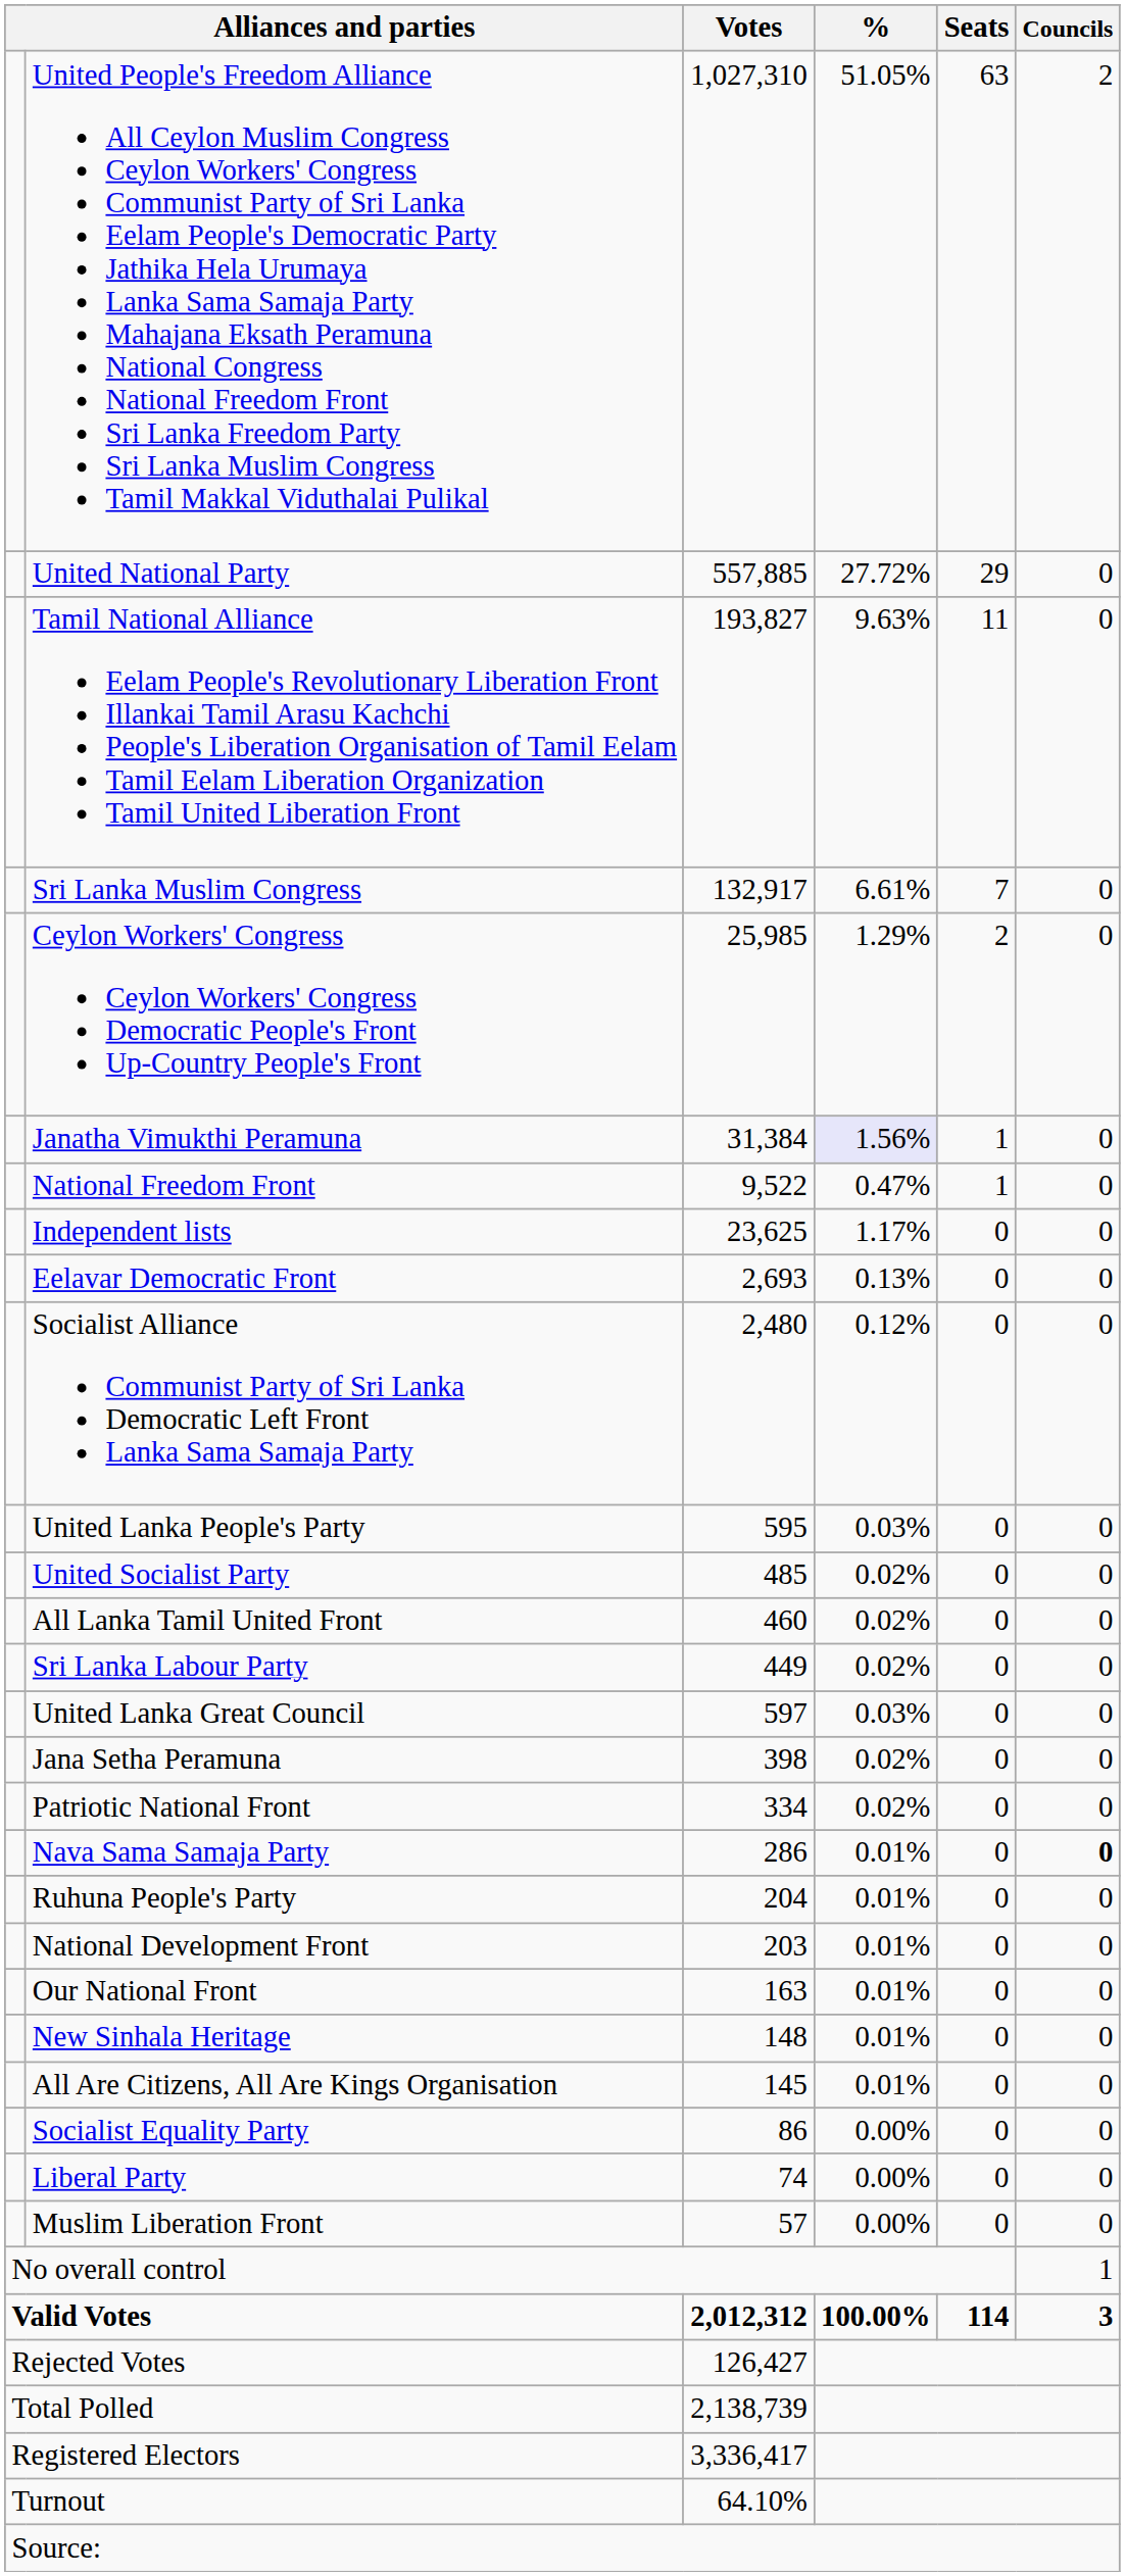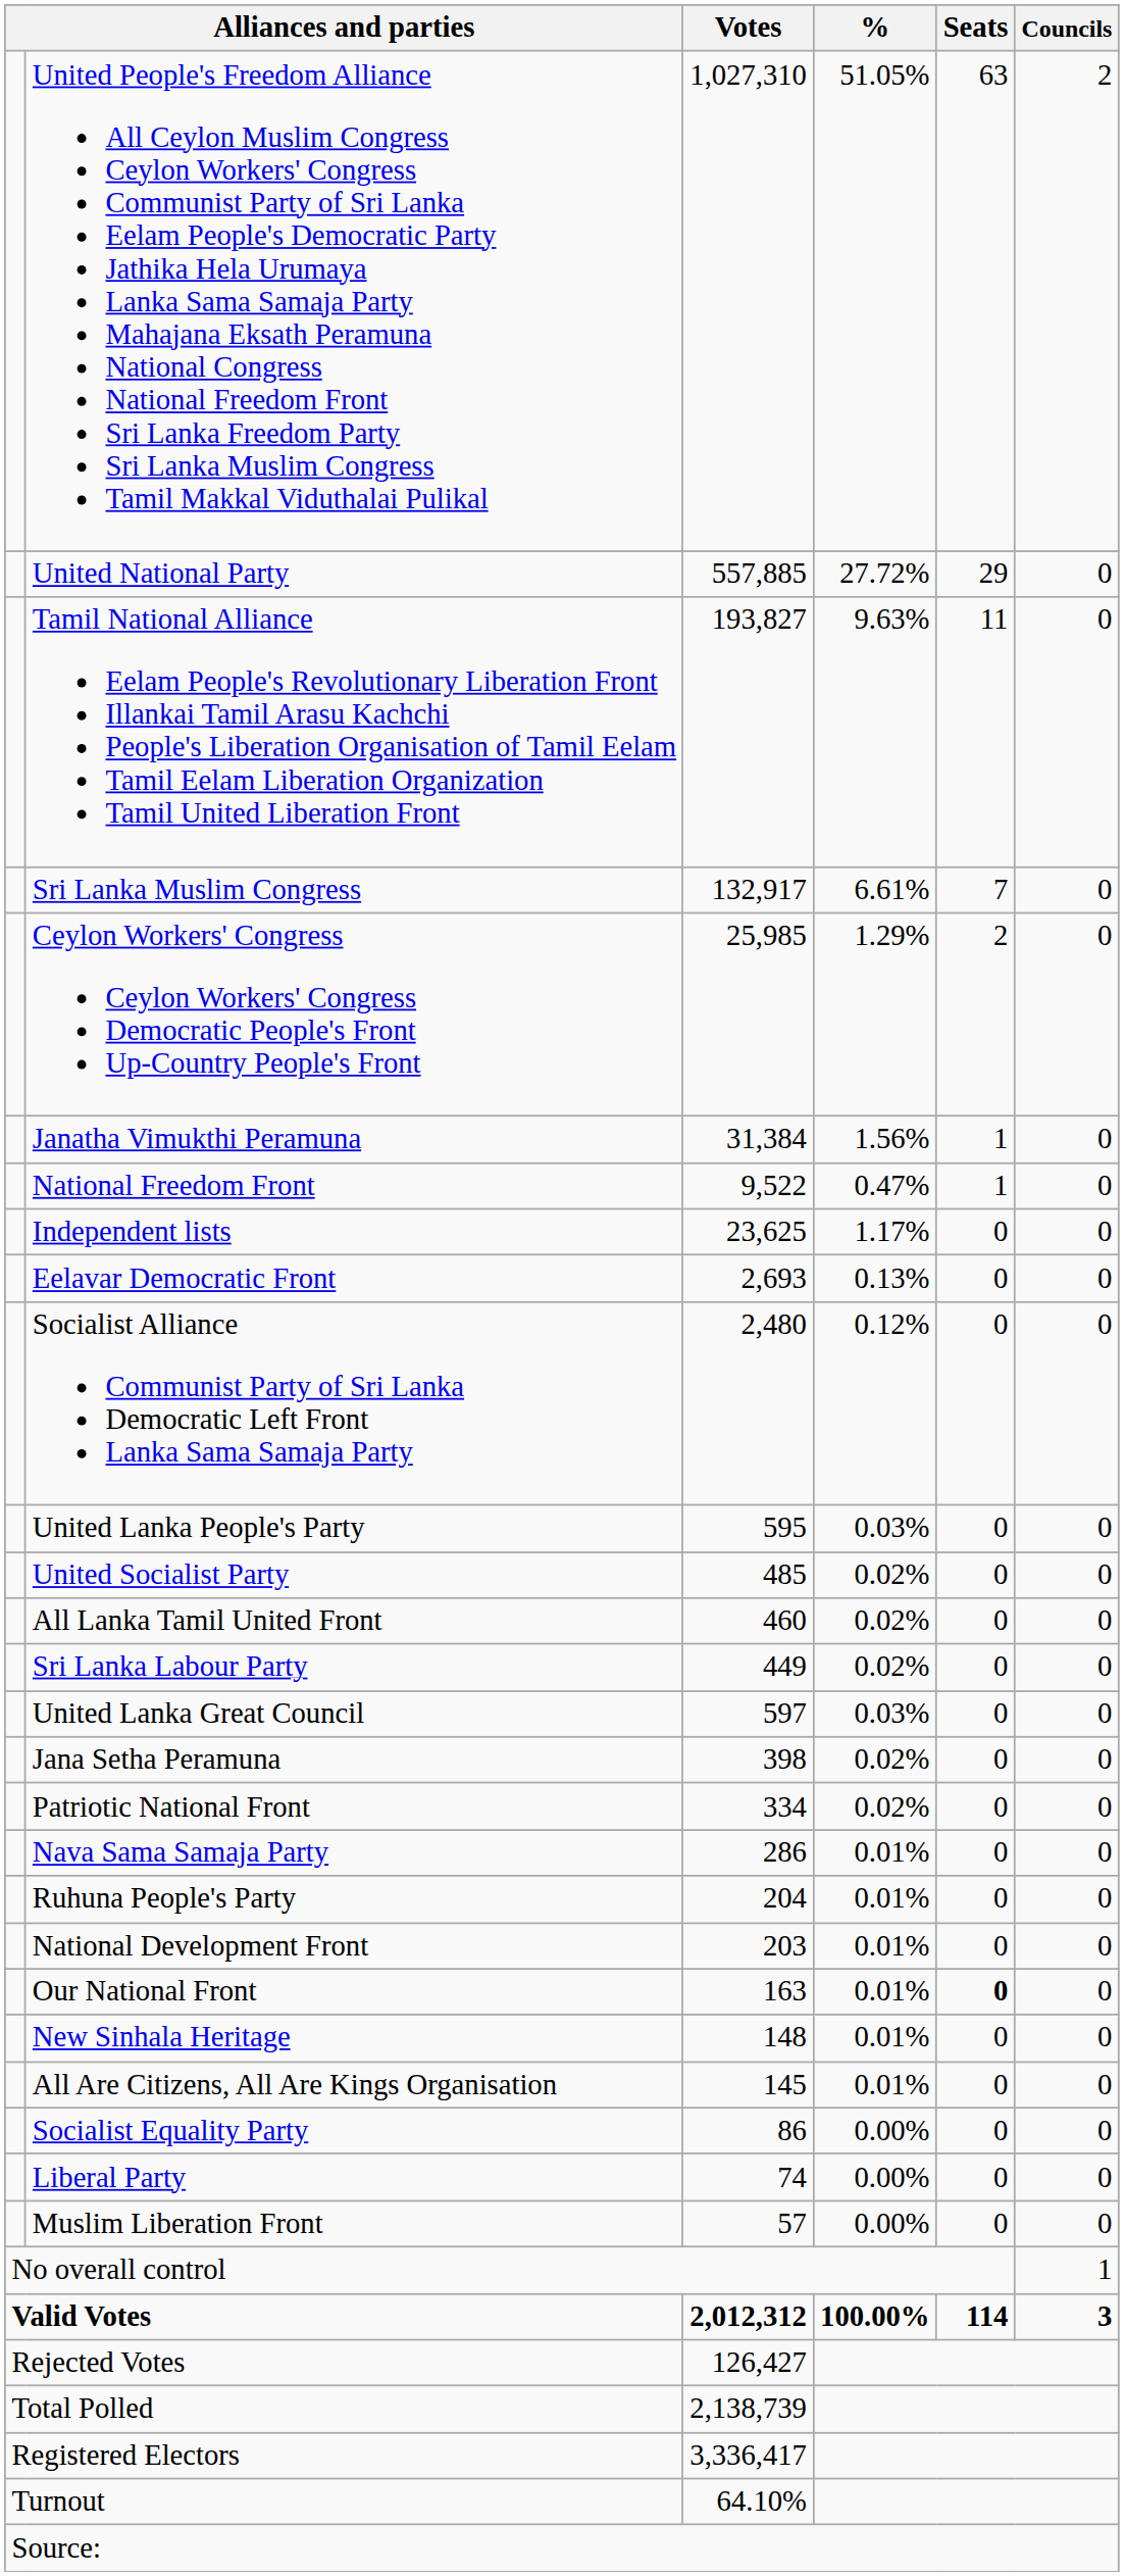 <table class="wikitable" border="1" style="text-align:right;">
 <tr>
 <th colspan=2>Alliances and parties</th>
 <th width="60">Votes</th>
 <th width="50">%</th>
 <th>Seats</th>
 <th><small>Councils</small></th>
 </tr>
 <tr valign=top>
 <td bgcolor=> </td>
 <td align=left><a href='#'>United People's Freedom Alliance</a><br><ul><li><a href='#'>All Ceylon Muslim Congress</a></li><li><a href='#'>Ceylon Workers' Congress</a></li><li><a href='#'>Communist Party of Sri Lanka</a></li><li><a href='#'>Eelam People's Democratic Party</a></li><li><a href='#'>Jathika Hela Urumaya</a></li><li><a href='#'>Lanka Sama Samaja Party</a></li><li><a href='#'>Mahajana Eksath Peramuna</a></li><li><a href='#'>National Congress</a></li><li><a href='#'>National Freedom Front</a></li><li><a href='#'>Sri Lanka Freedom Party</a></li><li><a href='#'>Sri Lanka Muslim Congress</a></li><li><a href='#'>Tamil Makkal Viduthalai Pulikal</a></li></ul></td>
 <td>1,027,310</td>
 <td>51.05%</td>
 <td>63</td>
 <td>2</td>
 </tr>
 <tr>
 <td bgcolor=> </td>
 <td align=left><a href='#'>United National Party</a></td>
 <td>557,885</td>
 <td>27.72%</td>
 <td>29</td>
 <td>0</td>
 </tr>
 <tr valign=top>
 <td bgcolor=> </td>
 <td align=left><a href='#'>Tamil National Alliance</a><br><ul><li><a href='#'>Eelam People's Revolutionary Liberation Front</a></li><li><a href='#'>Illankai Tamil Arasu Kachchi</a></li><li><a href='#'>People's Liberation Organisation of Tamil Eelam</a></li><li><a href='#'>Tamil Eelam Liberation Organization</a></li><li><a href='#'>Tamil United Liberation Front</a></li></ul></td>
 <td>193,827</td>
 <td>9.63%</td>
 <td>11</td>
 <td>0</td>
 </tr>
 <tr>
 <td bgcolor=> </td>
 <td align=left><a href='#'>Sri Lanka Muslim Congress</a></td>
 <td>132,917</td>
 <td>6.61%</td>
 <td>7</td>
 <td>0</td>
 </tr>
 <tr valign=top>
 <td bgcolor=> </td>
 <td align=left><a href='#'>Ceylon Workers' Congress</a><br><ul><li><a href='#'>Ceylon Workers' Congress</a></li><li><a href='#'>Democratic People's Front</a></li><li><a href='#'>Up-Country People's Front</a></li></ul></td>
 <td>25,985</td>
 <td>1.29%</td>
 <td>2</td>
 <td>0</td>
 </tr>
 <tr>
 <td bgcolor=> </td>
 <td align=left><a href='#'>Janatha Vimukthi Peramuna</a></td>
 <td>31,384</td>
-<td style="background: lavender;">1.56%</td>
+<td>1.56%</td>
 <td>1</td>
 <td>0</td>
 </tr>
 <tr>
 <td bgcolor=> </td>
 <td align=left><a href='#'>National Freedom Front</a></td>
 <td>9,522</td>
 <td>0.47%</td>
 <td>1</td>
 <td>0</td>
 </tr>
 <tr>
 <td></td>
 <td align=left><a href='#'>Independent lists</a></td>
 <td>23,625</td>
 <td>1.17%</td>
 <td>0</td>
 <td>0</td>
 </tr>
 <tr>
 <td bgcolor=> </td>
 <td align=left><a href='#'>Eelavar Democratic Front</a></td>
 <td>2,693</td>
 <td>0.13%</td>
 <td>0</td>
 <td>0</td>
 </tr>
 <tr valign=top>
 <td></td>
 <td align=left>Socialist Alliance<br><ul><li><a href='#'>Communist Party of Sri Lanka</a></li><li>Democratic Left Front</li><li><a href='#'>Lanka Sama Samaja Party</a></li></ul></td>
 <td>2,480</td>
 <td>0.12%</td>
 <td>0</td>
 <td>0</td>
 </tr>
 <tr>
 <td></td>
 <td align=left>United Lanka People's Party</td>
 <td>595</td>
 <td>0.03%</td>
 <td>0</td>
 <td>0</td>
 </tr>
 <tr>
 <td></td>
 <td align=left><a href='#'>United Socialist Party</a></td>
 <td>485</td>
 <td>0.02%</td>
 <td>0</td>
 <td>0</td>
 </tr>
 <tr>
 <td></td>
 <td align=left>All Lanka Tamil United Front</td>
 <td>460</td>
 <td>0.02%</td>
 <td>0</td>
 <td>0</td>
 </tr>
 <tr>
 <td></td>
 <td align=left><a href='#'>Sri Lanka Labour Party</a></td>
 <td>449</td>
 <td>0.02%</td>
 <td>0</td>
 <td>0</td>
 </tr>
 <tr>
 <td></td>
 <td align=left>United Lanka Great Council</td>
 <td>597</td>
 <td>0.03%</td>
 <td>0</td>
 <td>0</td>
 </tr>
 <tr>
 <td></td>
 <td align=left>Jana Setha Peramuna</td>
 <td>398</td>
 <td>0.02%</td>
 <td>0</td>
 <td>0</td>
 </tr>
 <tr>
 <td></td>
 <td align=left>Patriotic National Front</td>
 <td>334</td>
 <td>0.02%</td>
 <td>0</td>
 <td>0</td>
 </tr>
 <tr>
 <td bgcolor=> </td>
 <td align=left><a href='#'>Nava Sama Samaja Party</a></td>
 <td>286</td>
 <td>0.01%</td>
 <td>0</td>
-<td><strong>0</strong></td>
+<td>0</td>
 </tr>
 <tr>
 <td></td>
 <td align=left>Ruhuna People's Party</td>
 <td>204</td>
 <td>0.01%</td>
 <td>0</td>
 <td>0</td>
 </tr>
 <tr>
 <td></td>
 <td align=left>National Development Front</td>
 <td>203</td>
 <td>0.01%</td>
 <td>0</td>
 <td>0</td>
 </tr>
 <tr>
 <td></td>
 <td align=left>Our National Front</td>
 <td>163</td>
 <td>0.01%</td>
-<td>0</td>
+<td><strong>0</strong></td>
 <td>0</td>
 </tr>
 <tr>
 <td></td>
 <td align=left><a href='#'>New Sinhala Heritage</a></td>
 <td>148</td>
 <td>0.01%</td>
 <td>0</td>
 <td>0</td>
 </tr>
 <tr>
 <td></td>
 <td align=left>All Are Citizens, All Are Kings Organisation</td>
 <td>145</td>
 <td>0.01%</td>
 <td>0</td>
 <td>0</td>
 </tr>
 <tr>
 <td></td>
 <td align=left><a href='#'>Socialist Equality Party</a></td>
 <td>86</td>
 <td>0.00%</td>
 <td>0</td>
 <td>0</td>
 </tr>
 <tr>
 <td></td>
 <td align=left><a href='#'>Liberal Party</a></td>
 <td>74</td>
 <td>0.00%</td>
 <td>0</td>
 <td>0</td>
 </tr>
 <tr>
 <td></td>
 <td align=left>Muslim Liberation Front</td>
 <td>57</td>
 <td>0.00%</td>
 <td>0</td>
 <td>0</td>
 </tr>
 <tr>
 <td colspan=5 align=left>No overall control</td>
 <td>1</td>
 </tr>
 <tr>
 <td colspan=2 align=left><strong>Valid Votes</strong></td>
 <td><strong>2,012,312</strong></td>
 <td><strong>100.00%</strong></td>
 <td><strong>114</strong></td>
 <td><strong>3</strong></td>
 </tr>
 <tr>
 <td colspan=2 align=left>Rejected Votes</td>
 <td>126,427</td>
 <td colspan=3></td>
 </tr>
 <tr>
 <td colspan=2 align=left>Total Polled</td>
 <td>2,138,739</td>
 <td colspan=3></td>
 </tr>
 <tr>
 <td colspan=2 align=left>Registered Electors</td>
 <td>3,336,417</td>
 <td colspan=3></td>
 </tr>
 <tr>
 <td colspan=2 align=left>Turnout</td>
 <td>64.10%</td>
 <td colspan=3></td>
 </tr>
 <tr>
 <td align=left colspan=7>Source:</td>
 </tr>
 </table>
